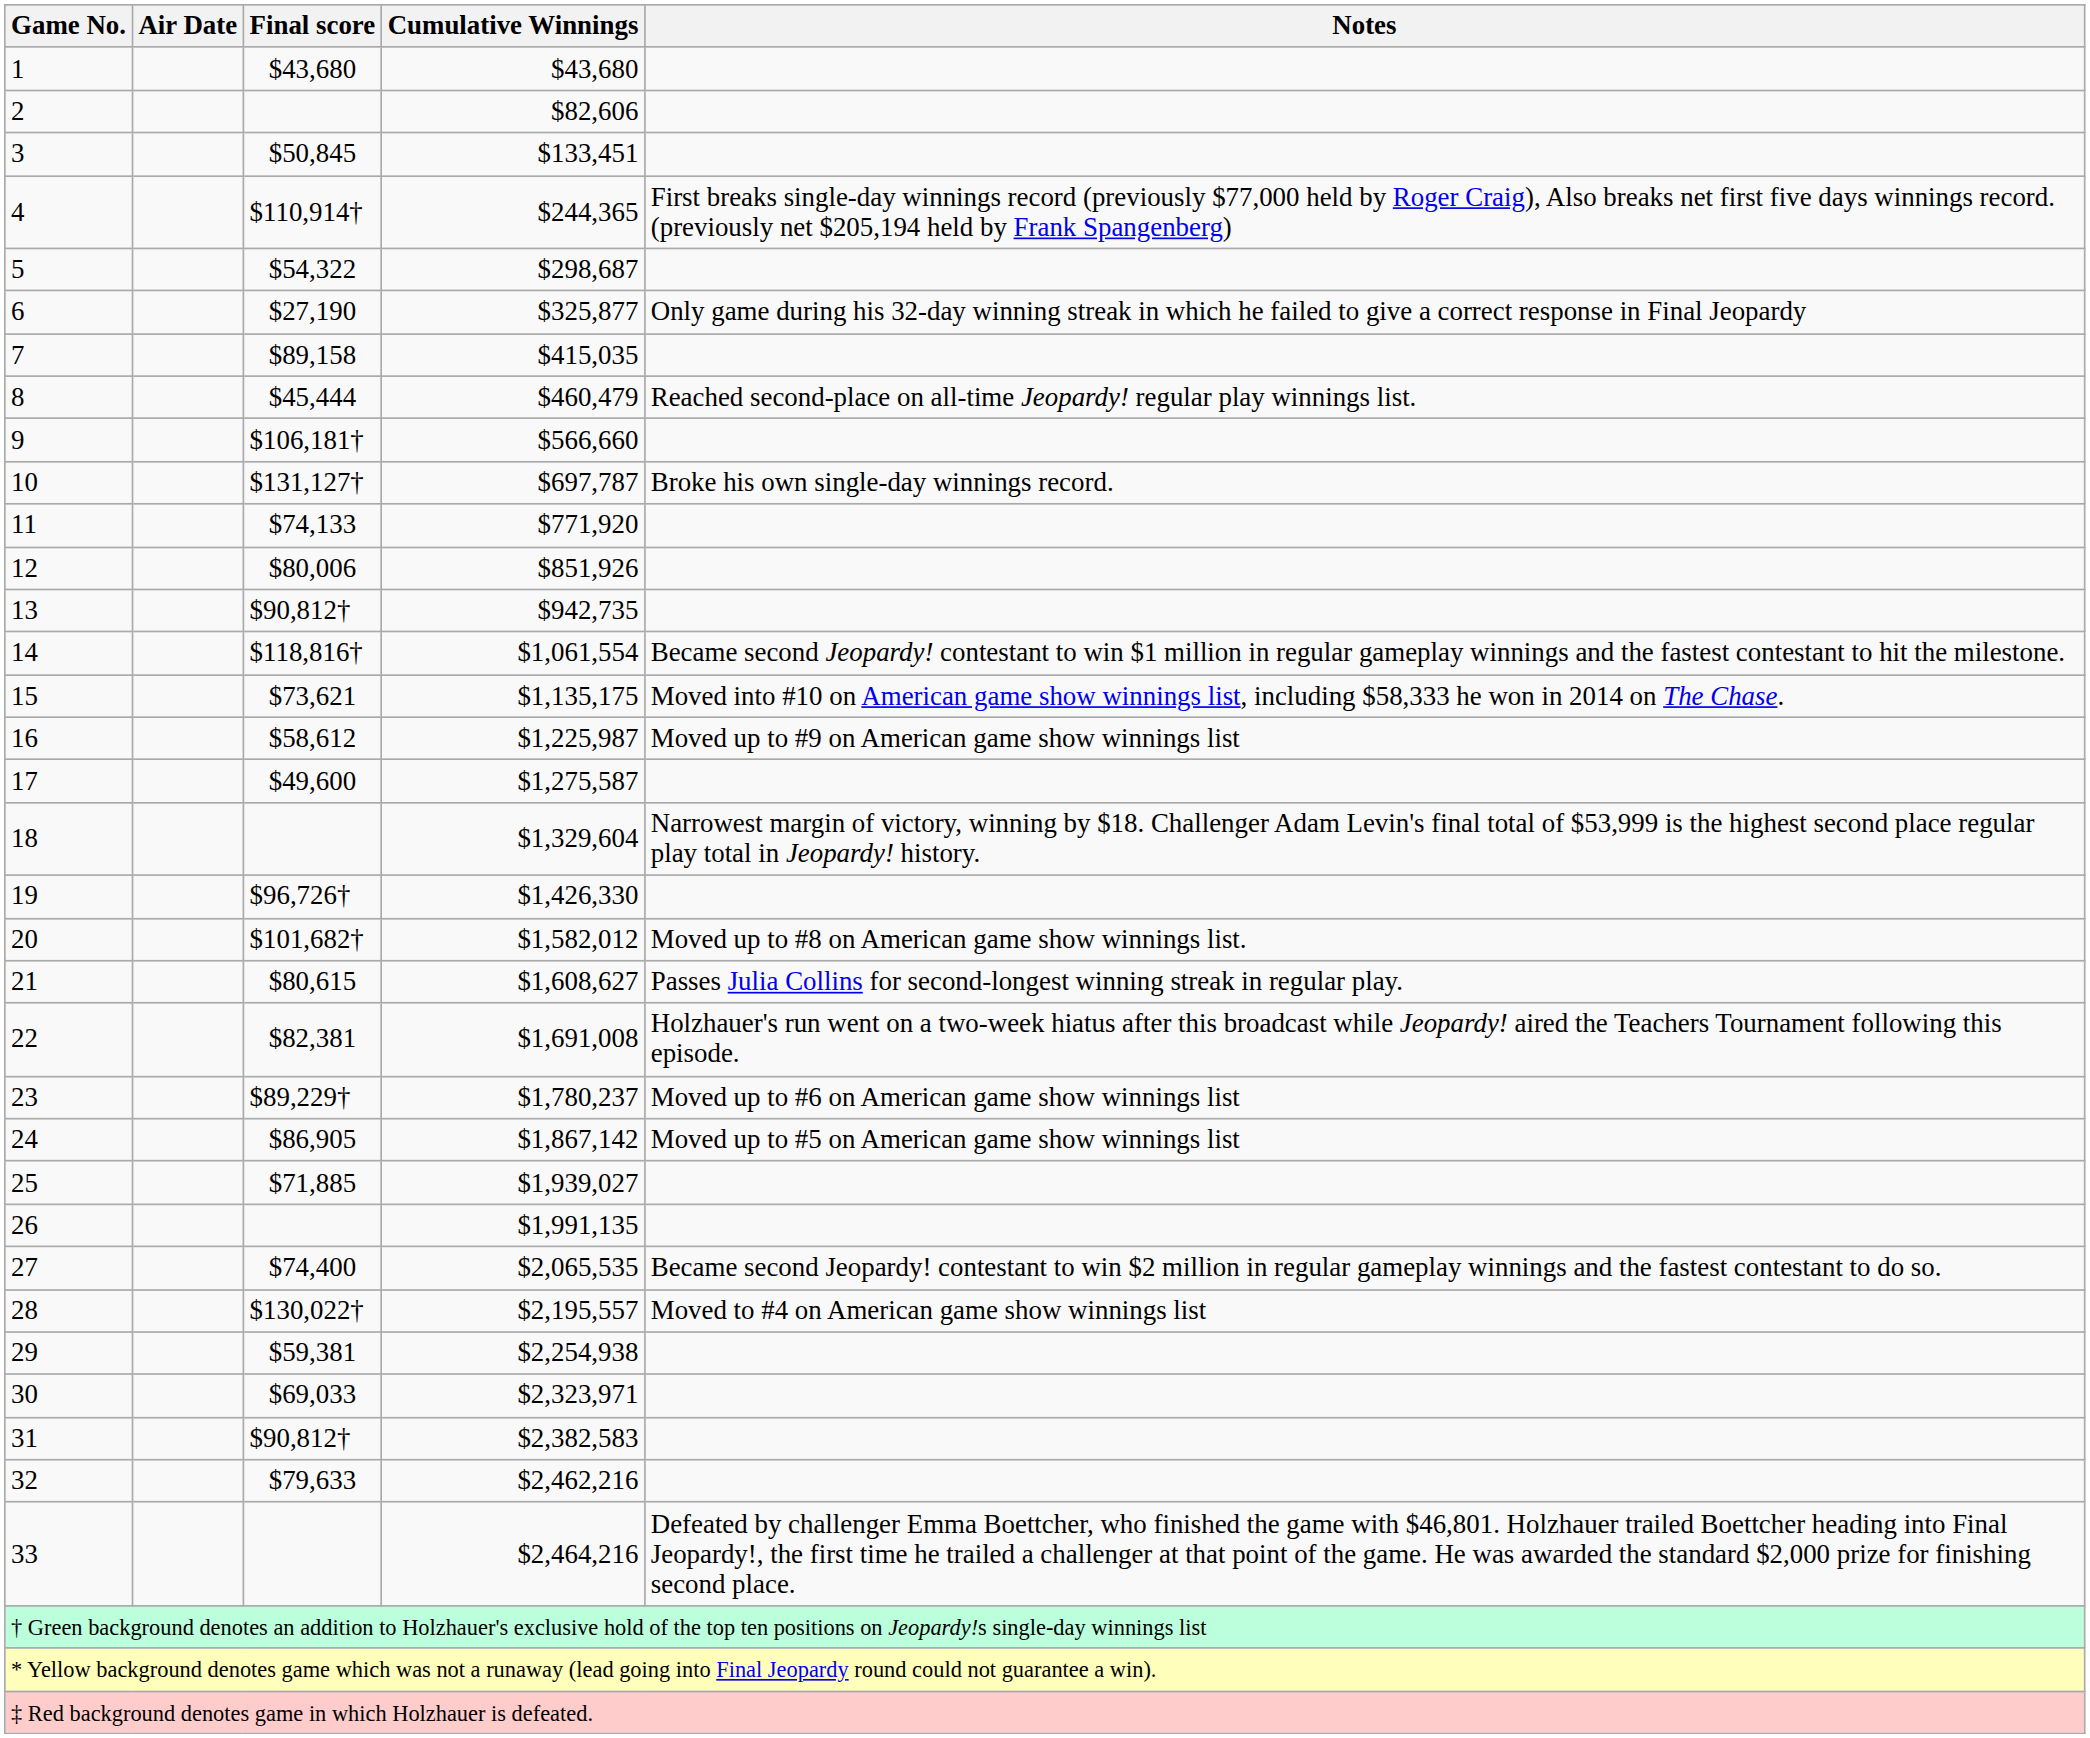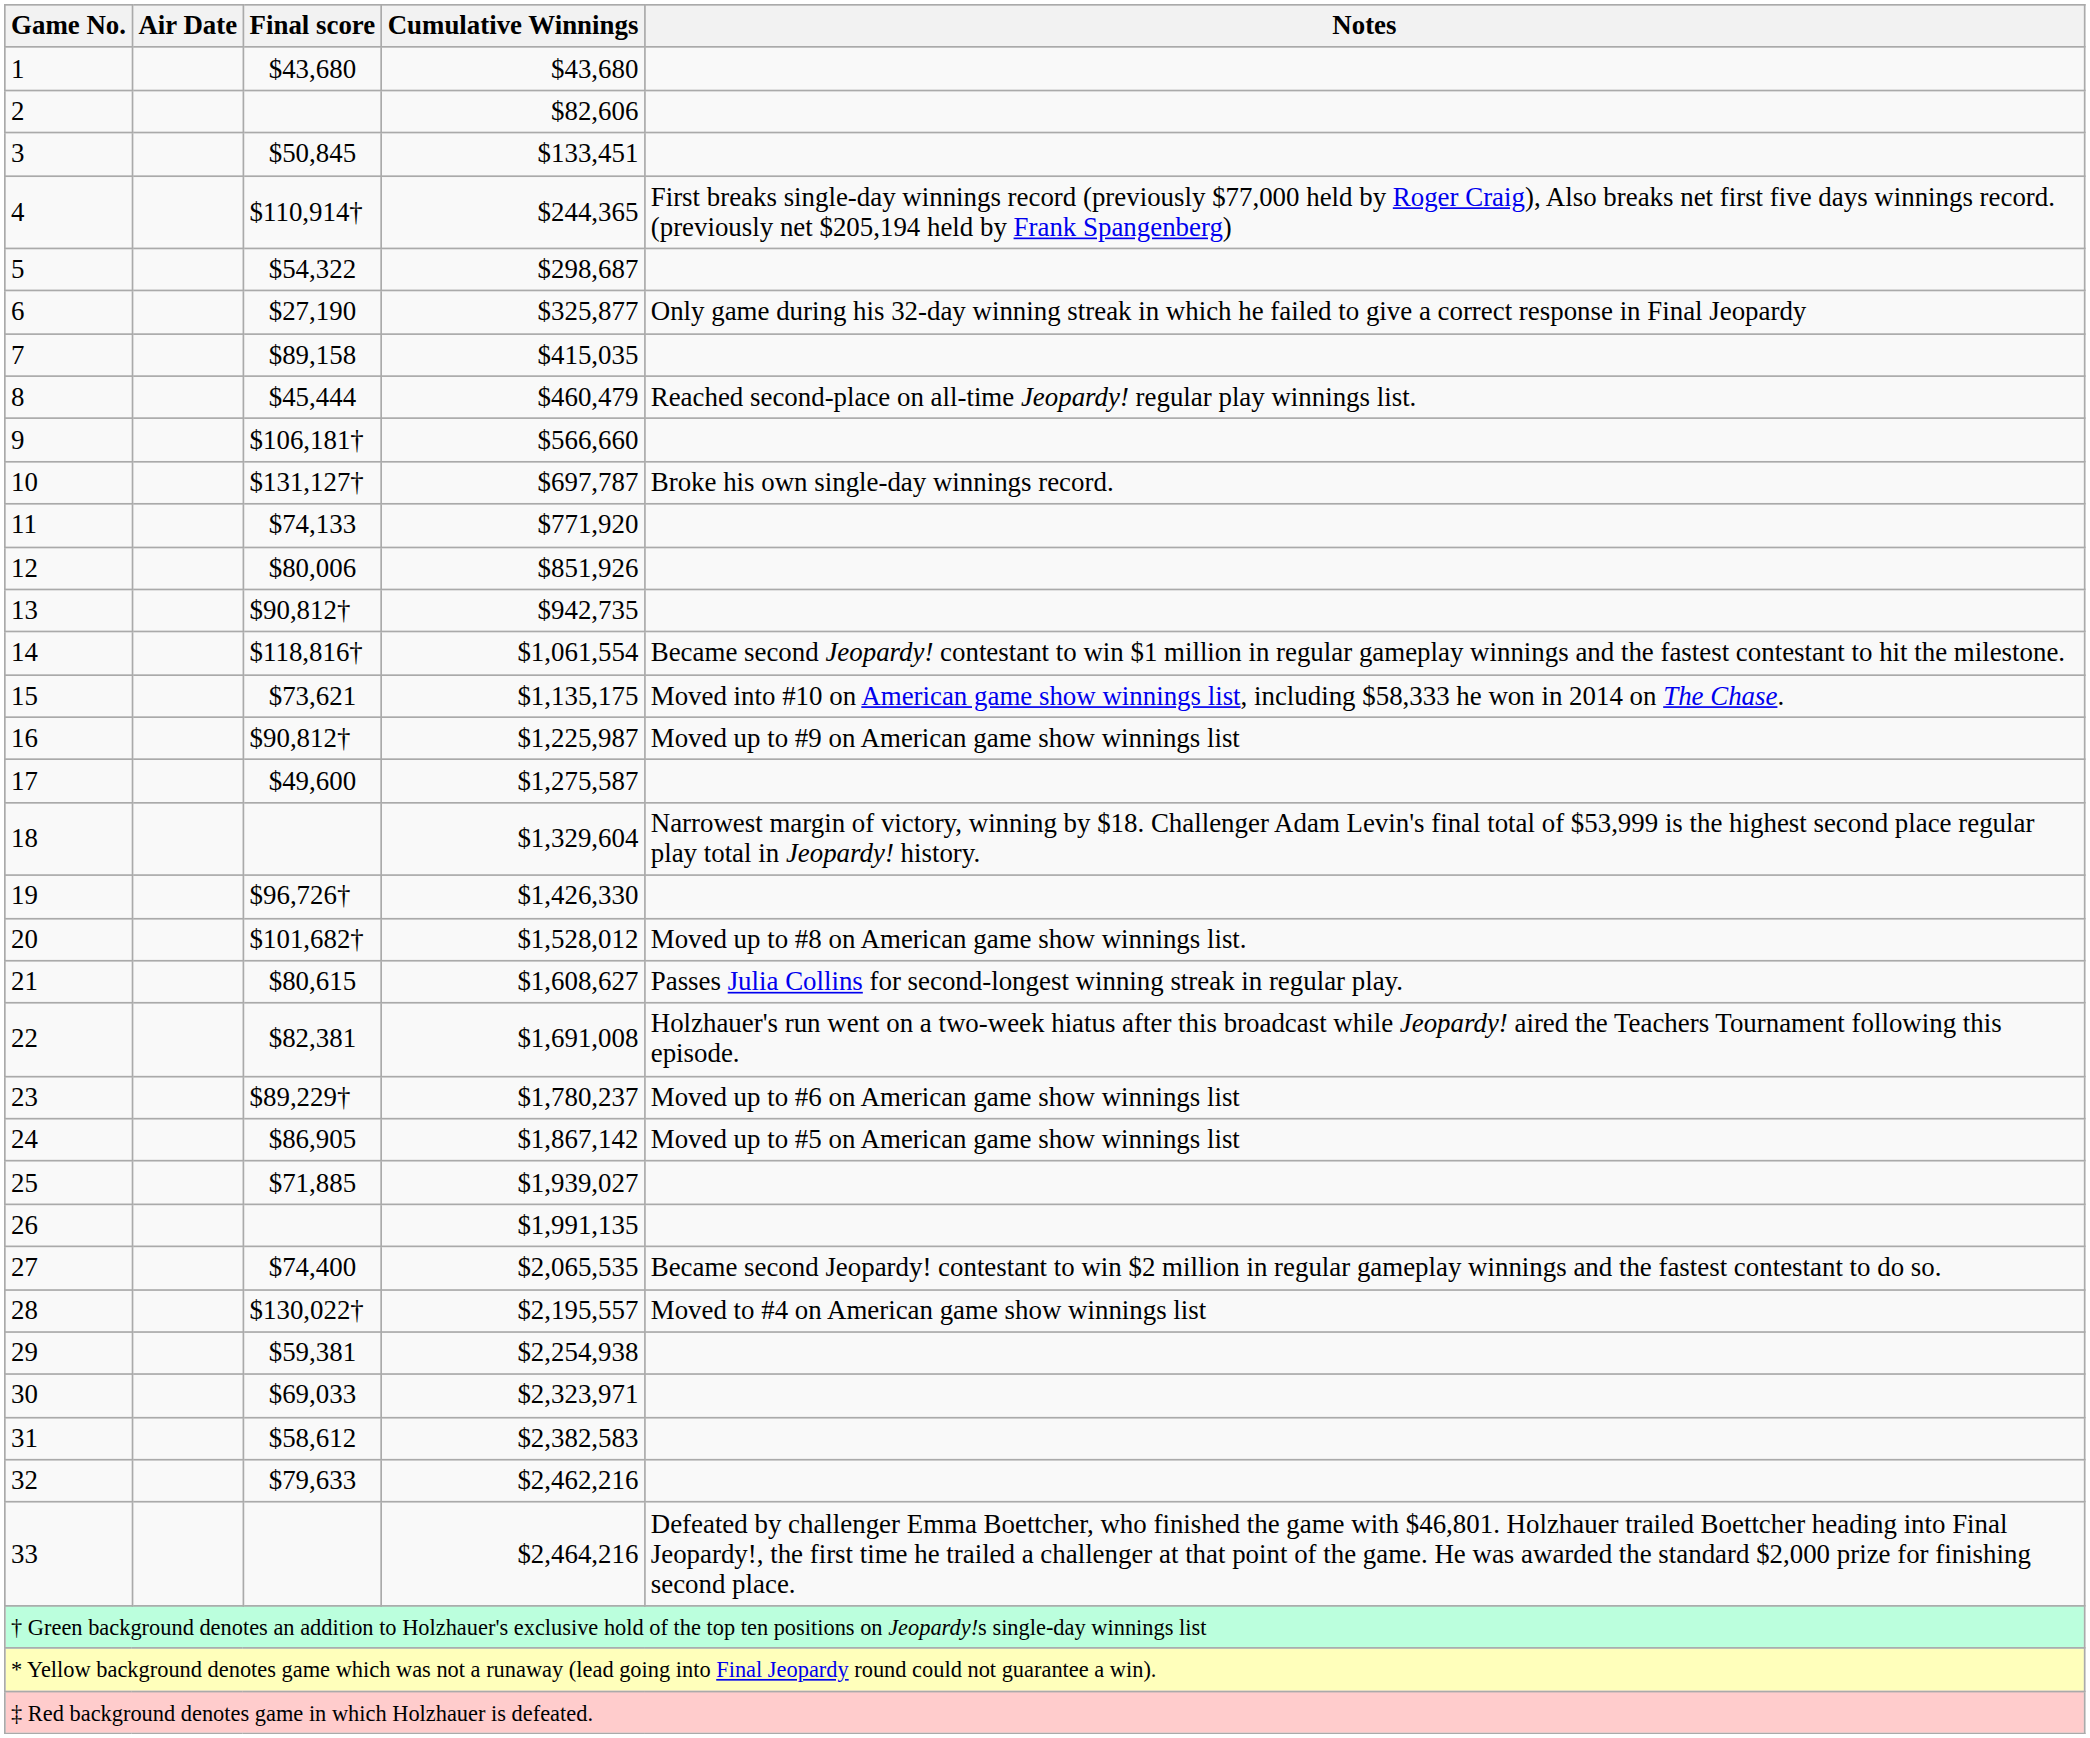 <table class="wikitable sortable mw-collapsible mw-collapsed" style="width:98%;">
 <tr>
 <th style="white-space:nowrap;">Game No.</th>
 <th style="white-space:nowrap;">Air Date</th>
 <th style="white-space:nowrap;">Final score</th>
 <th style="white-space:nowrap;">Cumulative Winnings</th>
 <th>Notes</th>
 </tr>
 <tr>
 <td>1</td>
 <td></td>
 <td style="text-align: center;">$43,680</td>
 <td style="text-align: right;">$43,680</td>
 <td></td>
 </tr>
 <tr>
 <td>2</td>
 <td></td>
 <td></td>
 <td style="text-align: right;">$82,606</td>
 <td></td>
 </tr>
 <tr>
 <td>3</td>
 <td></td>
 <td style="text-align: center;">$50,845</td>
 <td style="text-align: right;">$133,451</td>
 <td></td>
 </tr>
 <tr>
 <td>4</td>
 <td></td>
 <td>$110,914†</td>
 <td style="text-align: right;">$244,365</td>
 <td>First breaks single-day winnings record (previously $77,000 held by <a href='#'>Roger Craig</a>), Also breaks net first five days winnings record. (previously net $205,194 held by <a href='#'>Frank Spangenberg</a>)</td>
 </tr>
 <tr>
 <td>5</td>
 <td></td>
 <td style="text-align: center;">$54,322</td>
 <td style="text-align: right;">$298,687</td>
 <td></td>
 </tr>
 <tr>
 <td>6</td>
 <td></td>
 <td style="text-align: center;">$27,190</td>
 <td style="text-align: right;">$325,877</td>
 <td>Only game during his 32-day winning streak in which he failed to give a correct response in Final Jeopardy</td>
 </tr>
 <tr>
 <td>7</td>
 <td></td>
 <td style="text-align: center;">$89,158</td>
 <td style="text-align: right;">$415,035</td>
 <td></td>
 </tr>
 <tr>
 <td>8</td>
 <td></td>
 <td style="text-align: center;">$45,444</td>
 <td style="text-align: right;">$460,479</td>
 <td>Reached second-place on all-time <em>Jeopardy!</em> regular play winnings list.</td>
 </tr>
 <tr>
 <td>9</td>
 <td></td>
 <td>$106,181†</td>
 <td style="text-align: right;">$566,660</td>
 <td></td>
 </tr>
 <tr>
 <td>10</td>
 <td></td>
 <td>$131,127†</td>
 <td style="text-align: right;">$697,787</td>
 <td>Broke his own single-day winnings record.</td>
 </tr>
 <tr>
 <td>11</td>
 <td></td>
 <td style="text-align: center;">$74,133</td>
 <td style="text-align: right;">$771,920</td>
 <td style="text-align: center;"></td>
 </tr>
 <tr>
 <td>12</td>
 <td></td>
 <td style="text-align: center;">$80,006</td>
 <td style="text-align: right;">$851,926</td>
 <td></td>
 </tr>
 <tr>
 <td>13</td>
 <td></td>
 <td>$90,812†</td>
 <td style="text-align: right;">$942,735</td>
 <td></td>
 </tr>
 <tr>
 <td>14</td>
 <td></td>
 <td>$118,816†</td>
 <td style="text-align: right;">$1,061,554</td>
 <td>Became second <em>Jeopardy!</em> contestant to win $1 million in regular gameplay winnings and the fastest contestant to hit the milestone.</td>
 </tr>
 <tr>
 <td>15</td>
 <td></td>
 <td style="text-align: center;">$73,621</td>
 <td style="text-align: right;">$1,135,175</td>
 <td>Moved into #10 on <a href='#'>American game show winnings list</a>, including $58,333 he won in 2014 on <em><a href='#'>The Chase</a></em>.</td>
 </tr>
 <tr>
 <td>16</td>
 <td></td>
-<td style="text-align: center;">$58,612</td>
+<td>$90,812†</td>
 <td style="text-align: right;">$1,225,987</td>
 <td>Moved up to #9 on American game show winnings list</td>
 </tr>
 <tr>
 <td>17</td>
 <td></td>
 <td style="text-align: center;">$49,600</td>
 <td style="text-align: right;">$1,275,587</td>
 <td></td>
 </tr>
 <tr>
 <td>18</td>
 <td></td>
 <td></td>
 <td style="text-align: right;">$1,329,604</td>
 <td>Narrowest margin of victory, winning by $18. Challenger Adam Levin's final total of $53,999 is the highest second place regular play total in <em>Jeopardy!</em> history.</td>
 </tr>
 <tr>
 <td>19</td>
 <td></td>
 <td>$96,726†</td>
 <td style="text-align: right;">$1,426,330</td>
 <td></td>
 </tr>
 <tr>
 <td>20</td>
 <td></td>
 <td>$101,682†</td>
-<td style="text-align: right;">$1,582,012</td>
+<td style="text-align: right;">$1,528,012</td>
 <td>Moved up to #8 on American game show winnings list.</td>
 </tr>
 <tr>
 <td>21</td>
 <td></td>
 <td style="text-align: center;">$80,615</td>
 <td style="text-align: right;">$1,608,627</td>
 <td>Passes <a href='#'>Julia Collins</a> for second-longest winning streak in regular play.</td>
 </tr>
 <tr>
 <td>22</td>
 <td></td>
 <td style="text-align: center;">$82,381</td>
 <td style="text-align: right;">$1,691,008</td>
 <td>Holzhauer's run went on a two-week hiatus after this broadcast while <em>Jeopardy!</em> aired the Teachers Tournament following this episode.</td>
 </tr>
 <tr>
 <td>23</td>
 <td></td>
 <td>$89,229†</td>
 <td style="text-align: right;">$1,780,237</td>
 <td>Moved up to #6 on American game show winnings list</td>
 </tr>
 <tr>
 <td>24</td>
 <td></td>
 <td style="text-align: center;">$86,905</td>
 <td style="text-align: right;">$1,867,142</td>
 <td>Moved up to #5 on American game show winnings list</td>
 </tr>
 <tr>
 <td>25</td>
 <td></td>
 <td style="text-align: center;">$71,885</td>
 <td style="text-align: right;">$1,939,027</td>
 <td></td>
 </tr>
 <tr>
 <td>26</td>
 <td></td>
 <td></td>
 <td style="text-align: right;">$1,991,135</td>
 <td></td>
 </tr>
 <tr>
 <td>27</td>
 <td></td>
 <td style="text-align: center;">$74,400</td>
 <td style="text-align: right;">$2,065,535</td>
 <td>Became second Jeopardy! contestant to win $2 million in regular gameplay winnings and the fastest contestant to do so.</td>
 </tr>
 <tr>
 <td>28</td>
 <td></td>
 <td>$130,022†</td>
 <td style="text-align: right;">$2,195,557</td>
 <td>Moved to #4 on American game show winnings list</td>
 </tr>
 <tr>
 <td>29</td>
 <td></td>
 <td style="text-align: center;">$59,381</td>
 <td style="text-align: right;">$2,254,938</td>
 <td style="text-align: center;"></td>
 </tr>
 <tr>
 <td>30</td>
 <td></td>
 <td style="text-align: center;">$69,033</td>
 <td style="text-align: right;">$2,323,971</td>
 <td style="text-align: center;"></td>
 </tr>
 <tr>
 <td>31</td>
 <td></td>
-<td>$90,812†</td>
+<td style="text-align: center;">$58,612</td>
 <td style="text-align: right;">$2,382,583</td>
 <td style="text-align: center;"></td>
 </tr>
 <tr>
 <td>32</td>
 <td></td>
 <td style="text-align: center;">$79,633</td>
 <td style="text-align: right;">$2,462,216</td>
 <td style="text-align: center;"></td>
 </tr>
 <tr>
 <td>33</td>
 <td></td>
 <td></td>
 <td style="text-align: right;">$2,464,216</td>
 <td>Defeated by challenger Emma Boettcher, who finished the game with $46,801. Holzhauer trailed Boettcher heading into Final Jeopardy!, the first time he trailed a challenger at that point of the game. He was awarded the standard $2,000 prize for finishing second place.</td>
 </tr>
 <tr class="sortbottom">
 <td colspan="5" style="background:#bfd; color:black; vertical-align:middle; text-align:left;"><small>† Green background denotes an addition to Holzhauer's exclusive hold of the top ten positions on <em>Jeopardy!</em>s single-day winnings list</small></td>
 </tr>
 <tr class="sortbottom">
 <td colspan="5" style="background:#ffb; color:black; vertical-align:middle; text-align:left;"><small>* Yellow background denotes game which was not a runaway (lead going into <a href='#'>Final Jeopardy</a> round could not guarantee a win).</small></td>
 </tr>
 <tr class="sortbottom">
 <td colspan="5" style="background:#fcc; color:black; vertical-align: middle; text-align: left;"><small>‡ Red background denotes game in which Holzhauer is defeated.</small></td>
 </tr>
 </table>
